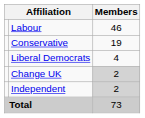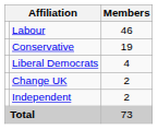 <table class="wikitable">
 <tr>
 <th colspan="2">Affiliation</th>
 <th>Members</th>
 </tr>
 <tr>
 <td></td>
 <td><a href='#'>Labour</a></td>
 <td style="text-align:center;">46</td>
 </tr>
 <tr>
 <td></td>
 <td><a href='#'>Conservative</a></td>
 <td style="text-align:center;">19</td>
 </tr>
 <tr>
 <td></td>
 <td><a href='#'>Liberal Democrats</a></td>
 <td style="text-align:center;">4</td>
 </tr>
 <tr>
 <td></td>
 <td><a href='#'>Change UK</a></td>
-<td style="background: lightgrey; text-align:center;">2</td>
+<td style="text-align:center;">2</td>
 </tr>
 <tr>
 <td></td>
 <td><a href='#'>Independent</a></td>
-<td style="background: lightgrey; text-align:center;">2</td>
+<td style="text-align:center;">2</td>
 </tr>
 <tr style="background:#ccc;">
 <td colspan="2"> <strong>Total</strong></td>
 <td style="text-align:center;">73</td>
 </tr>
 </table>
